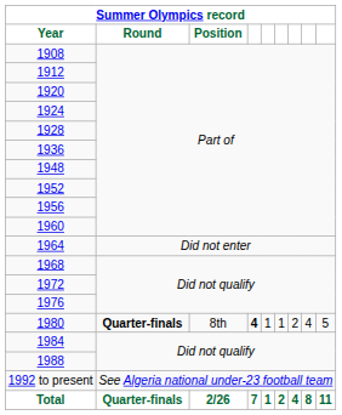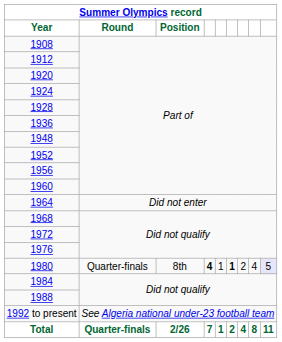 <table class="wikitable" style="text-align:center; font-size:85%">
 <tr>
 <th colspan="9" style="text-align:center; background:white; color:#006633; "><a href='#'><span>Summer Olympics</span></a> record</th>
 </tr>
 <tr>
 <th style="background:white; color:#006633; ">Year</th>
 <th style="background:white; color:#006633; ">Round</th>
 <th style="background:white; color:#006633; ">Position</th>
 <th style="background:white; color:#006633; "></th>
 <th style="background:white; color:#006633; "></th>
 <th style="background:white; color:#006633; "></th>
 <th style="background:white; color:#006633; "></th>
 <th style="background:white; color:#006633; "></th>
 <th style="background:white; color:#006633; "></th>
 </tr>
 <tr>
 <td> <a href='#'>1908</a></td>
 <td colspan="8" rowspan="10"><em>Part of </em></td>
 </tr>
 <tr>
 <td> <a href='#'>1912</a></td>
 </tr>
 <tr>
 <td> <a href='#'>1920</a></td>
 </tr>
 <tr>
 <td> <a href='#'>1924</a></td>
 </tr>
 <tr>
 <td> <a href='#'>1928</a></td>
 </tr>
 <tr>
 <td> <a href='#'>1936</a></td>
 </tr>
 <tr>
 <td> <a href='#'>1948</a></td>
 </tr>
 <tr>
 <td> <a href='#'>1952</a></td>
 </tr>
 <tr>
 <td> <a href='#'>1956</a></td>
 </tr>
 <tr>
 <td> <a href='#'>1960</a></td>
 </tr>
 <tr>
 <td> <a href='#'>1964</a></td>
 <td colspan="8"><em>Did not enter</em></td>
 </tr>
 <tr>
 <td> <a href='#'>1968</a></td>
 <td colspan="8" rowspan="3"><em>Did not qualify</em></td>
 </tr>
 <tr>
 <td> <a href='#'>1972</a></td>
 </tr>
 <tr>
 <td> <a href='#'>1976</a></td>
 </tr>
 <tr>
 <td> <a href='#'>1980</a></td>
-<td><strong>Quarter-finals</strong></td>
+<td>Quarter-finals</td>
 <td>8th</td>
 <td><strong>4</strong></td>
 <td>1</td>
-<td>1</td>
+<td><strong>1</strong></td>
 <td>2</td>
 <td>4</td>
-<td>5</td>
+<td style="background: lavender;">5</td>
 </tr>
 <tr>
 <td> <a href='#'>1984</a></td>
 <td colspan="8" rowspan="2"><em>Did not qualify</em></td>
 </tr>
 <tr>
 <td> <a href='#'>1988</a></td>
 </tr>
 <tr>
 <td> <a href='#'>1992</a> to present</td>
 <td colspan="9"><em>See <a href='#'>Algeria national under-23 football team</a></em></td>
 </tr>
 <tr>
 <th style="background:white; color:#006633; ">Total</th>
 <th style="background:white; color:#006633; ">Quarter-finals</th>
 <th style="background:white; color:#006633; ">2/26</th>
 <th style="background:white; color:#006633; ">7</th>
 <th style="background:white; color:#006633; ">1</th>
 <th style="background:white; color:#006633; ">2</th>
 <th style="background:white; color:#006633; ">4</th>
 <th style="background:white; color:#006633; ">8</th>
 <th style="background:white; color:#006633; ">11</th>
 </tr>
 </table>
